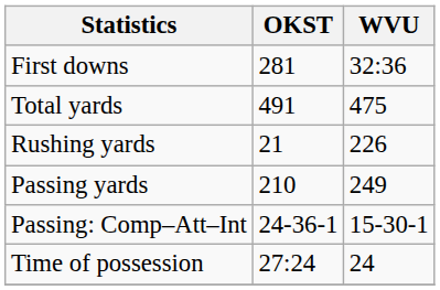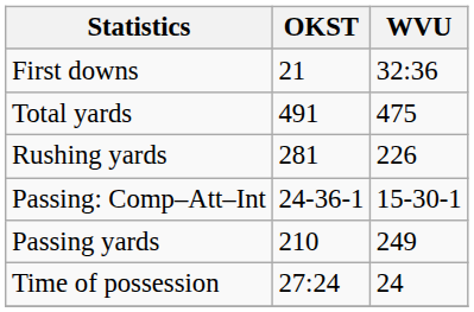 <table class="wikitable" style="float: left;">
 <tr>
 <th>Statistics</th>
 <th>OKST</th>
 <th>WVU</th>
 </tr>
 <tr>
 <td>First downs</td>
-<td>281</td>
+<td>21</td>
 <td>32:36</td>
 </tr>
 <tr>
 <td>Total yards</td>
 <td>491</td>
 <td>475</td>
 </tr>
 <tr>
 <td>Rushing yards</td>
-<td>21</td>
+<td>281</td>
 <td>226</td>
+</tr>
+<tr>
+<td>Passing: Comp–Att–Int</td>
+<td>24-36-1</td>
+<td>15-30-1</td>
 </tr>
 <tr>
 <td>Passing yards</td>
 <td>210</td>
 <td>249</td>
-</tr>
-<tr>
-<td>Passing: Comp–Att–Int</td>
-<td>24-36-1</td>
-<td>15-30-1</td>
 </tr>
 <tr>
 <td>Time of possession</td>
 <td>27:24</td>
 <td>24</td>
 </tr>
 <tr>
 </tr>
 </table>
